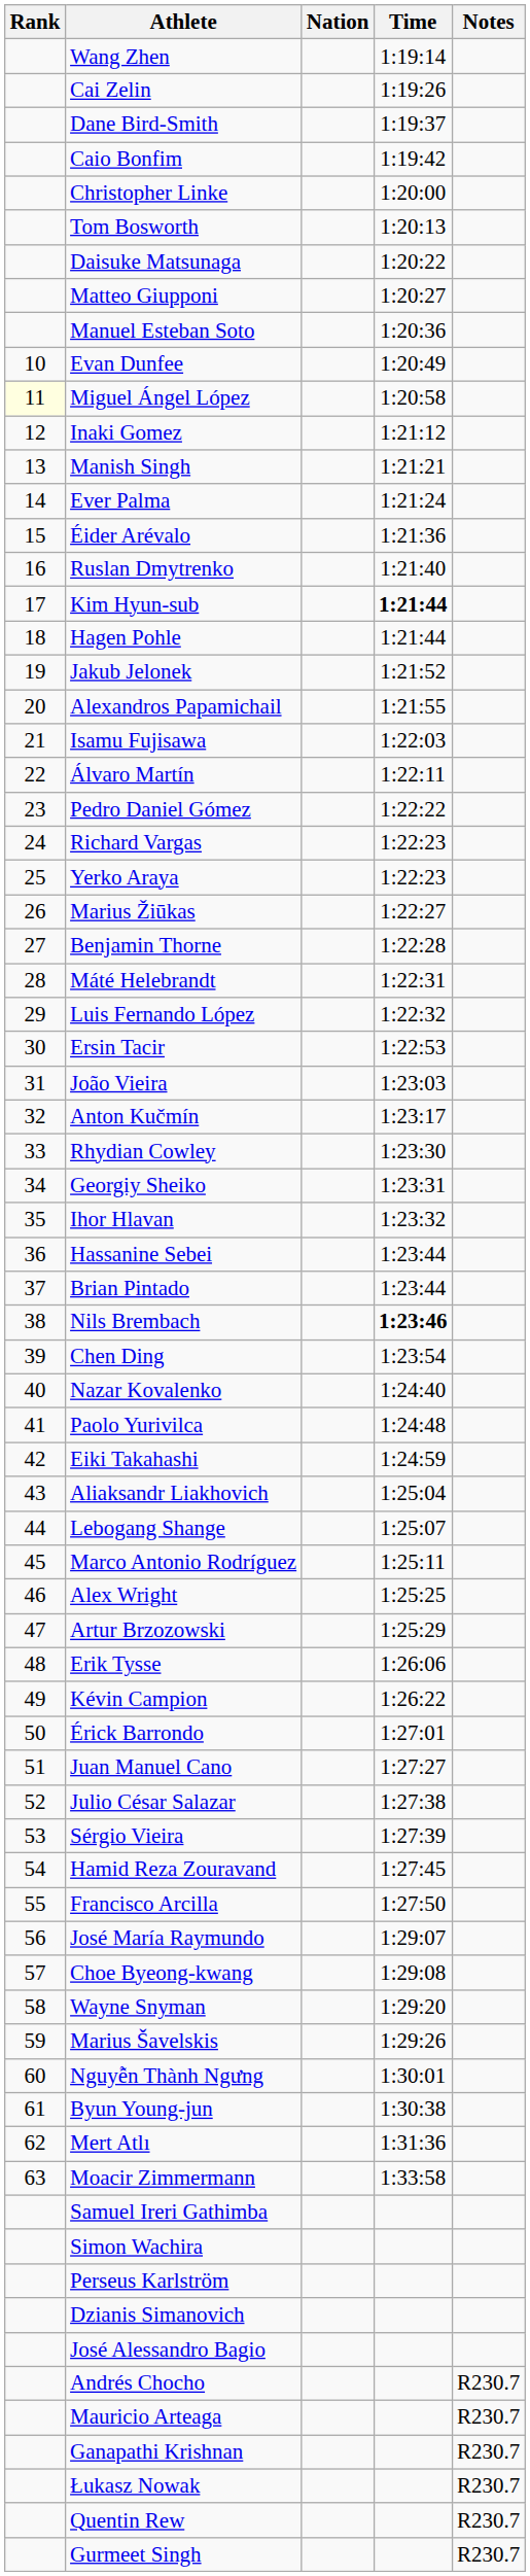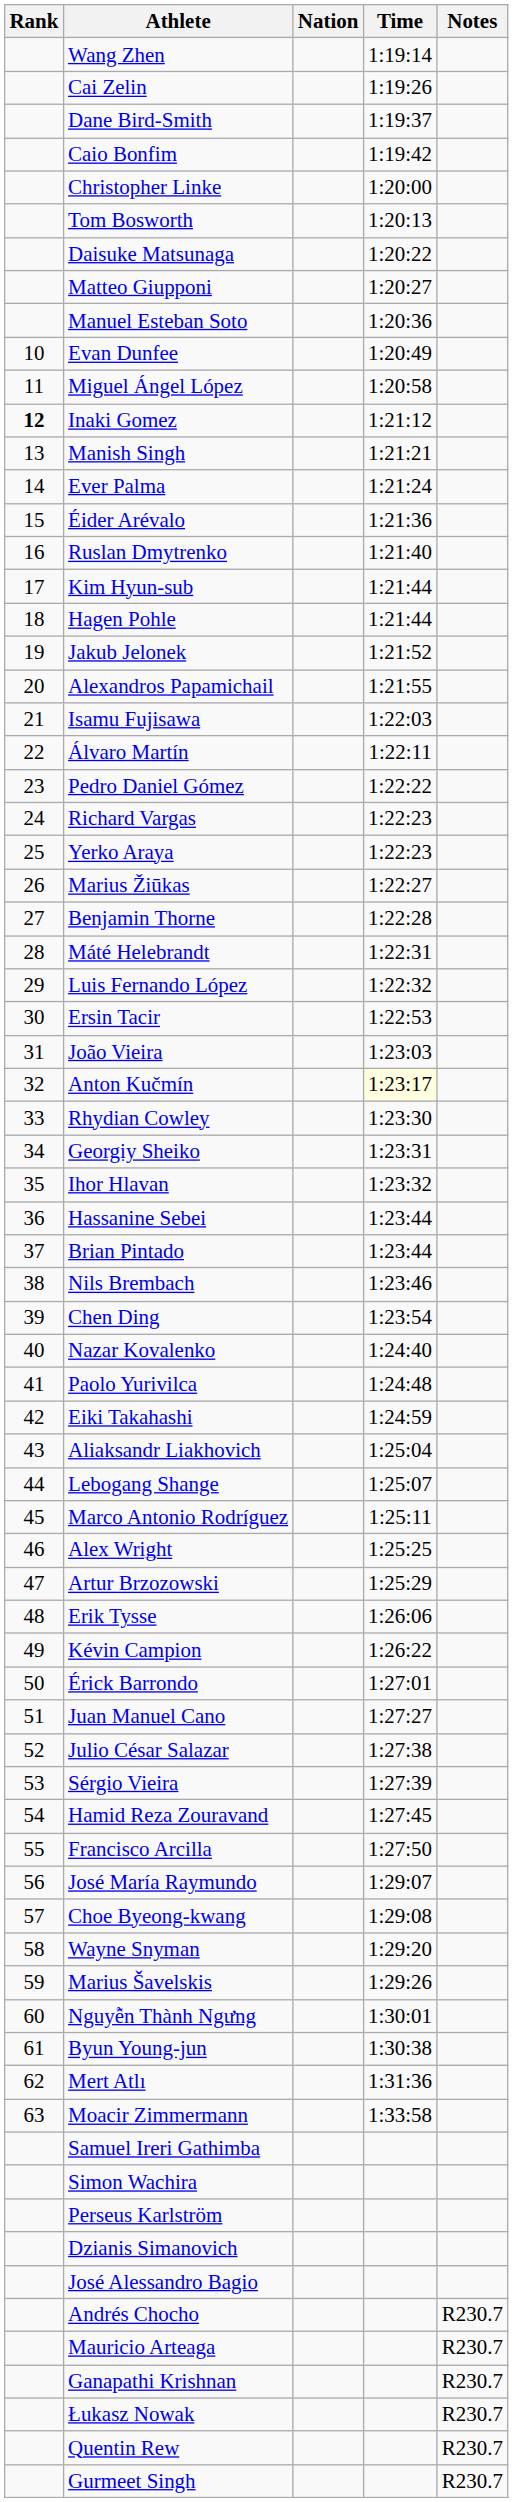 <table class="wikitable sortable" style="text-align:center">
 <tr>
 <th>Rank</th>
 <th>Athlete</th>
 <th>Nation</th>
 <th>Time</th>
 <th>Notes</th>
 </tr>
 <tr>
 <td></td>
 <td align=left><a href='#'>Wang Zhen</a></td>
 <td align=left></td>
 <td>1:19:14</td>
 <td></td>
 </tr>
 <tr>
 <td></td>
 <td align=left><a href='#'>Cai Zelin</a></td>
 <td align=left></td>
 <td>1:19:26</td>
 <td></td>
 </tr>
 <tr>
 <td></td>
 <td align=left><a href='#'>Dane Bird-Smith</a></td>
 <td align=left></td>
 <td>1:19:37</td>
 <td></td>
 </tr>
 <tr>
 <td></td>
 <td align=left><a href='#'>Caio Bonfim</a></td>
 <td align=left></td>
 <td>1:19:42</td>
 <td></td>
 </tr>
 <tr>
 <td></td>
 <td align=left><a href='#'>Christopher Linke</a></td>
 <td align=left></td>
 <td>1:20:00</td>
 <td></td>
 </tr>
 <tr>
 <td></td>
 <td align=left><a href='#'>Tom Bosworth</a></td>
 <td align=left></td>
 <td>1:20:13</td>
 <td></td>
 </tr>
 <tr>
 <td></td>
 <td align=left><a href='#'>Daisuke Matsunaga</a></td>
 <td align=left></td>
 <td>1:20:22</td>
 <td></td>
 </tr>
 <tr>
 <td></td>
 <td align=left><a href='#'>Matteo Giupponi</a></td>
 <td align=left></td>
 <td>1:20:27</td>
 <td></td>
 </tr>
 <tr>
 <td></td>
 <td align=left><a href='#'>Manuel Esteban Soto</a></td>
 <td align=left></td>
 <td>1:20:36</td>
 <td></td>
 </tr>
 <tr>
 <td>10</td>
 <td align=left><a href='#'>Evan Dunfee</a></td>
 <td align=left></td>
 <td>1:20:49</td>
 <td></td>
 </tr>
 <tr>
-<td style="background: lightyellow;">11</td>
+<td>11</td>
 <td align=left><a href='#'>Miguel Ángel López</a></td>
 <td align=left></td>
 <td>1:20:58</td>
 <td></td>
 </tr>
 <tr>
-<td>12</td>
+<td><strong>12</strong></td>
 <td align=left><a href='#'>Inaki Gomez</a></td>
 <td align=left></td>
 <td>1:21:12</td>
 <td></td>
 </tr>
 <tr>
 <td>13</td>
 <td align=left><a href='#'>Manish Singh</a></td>
 <td align=left></td>
 <td>1:21:21</td>
 <td></td>
 </tr>
 <tr>
 <td>14</td>
 <td align=left><a href='#'>Ever Palma</a></td>
 <td align=left></td>
 <td>1:21:24</td>
 <td></td>
 </tr>
 <tr>
 <td>15</td>
 <td align=left><a href='#'>Éider Arévalo</a></td>
 <td align=left></td>
 <td>1:21:36</td>
 <td></td>
 </tr>
 <tr>
 <td>16</td>
 <td align=left><a href='#'>Ruslan Dmytrenko</a></td>
 <td align=left></td>
 <td>1:21:40</td>
 <td></td>
 </tr>
 <tr>
 <td>17</td>
 <td align=left><a href='#'>Kim Hyun-sub</a></td>
 <td align=left></td>
-<td><strong>1:21:44</strong></td>
+<td>1:21:44</td>
 <td></td>
 </tr>
 <tr>
 <td>18</td>
 <td align=left><a href='#'>Hagen Pohle</a></td>
 <td align=left></td>
 <td>1:21:44</td>
 <td></td>
 </tr>
 <tr>
 <td>19</td>
 <td align=left><a href='#'>Jakub Jelonek</a></td>
 <td align=left></td>
 <td>1:21:52</td>
 <td></td>
 </tr>
 <tr>
 <td>20</td>
 <td align=left><a href='#'>Alexandros Papamichail</a></td>
 <td align=left></td>
 <td>1:21:55</td>
 <td></td>
 </tr>
 <tr>
 <td>21</td>
 <td align=left><a href='#'>Isamu Fujisawa</a></td>
 <td align=left></td>
 <td>1:22:03</td>
 <td></td>
 </tr>
 <tr>
 <td>22</td>
 <td align=left><a href='#'>Álvaro Martín</a></td>
 <td align=left></td>
 <td>1:22:11</td>
 <td></td>
 </tr>
 <tr>
 <td>23</td>
 <td align=left><a href='#'>Pedro Daniel Gómez</a></td>
 <td align=left></td>
 <td>1:22:22</td>
 <td></td>
 </tr>
 <tr>
 <td>24</td>
 <td align=left><a href='#'>Richard Vargas</a></td>
 <td align=left></td>
 <td>1:22:23</td>
 <td></td>
 </tr>
 <tr>
 <td>25</td>
 <td align=left><a href='#'>Yerko Araya</a></td>
 <td align=left></td>
 <td>1:22:23</td>
 <td></td>
 </tr>
 <tr>
 <td>26</td>
 <td align=left><a href='#'>Marius Žiūkas</a></td>
 <td align=left></td>
 <td>1:22:27</td>
 <td></td>
 </tr>
 <tr>
 <td>27</td>
 <td align=left><a href='#'>Benjamin Thorne</a></td>
 <td align=left></td>
 <td>1:22:28</td>
 <td></td>
 </tr>
 <tr>
 <td>28</td>
 <td align=left><a href='#'>Máté Helebrandt</a></td>
 <td align=left></td>
 <td>1:22:31</td>
 <td></td>
 </tr>
 <tr>
 <td>29</td>
 <td align=left><a href='#'>Luis Fernando López</a></td>
 <td align=left></td>
 <td>1:22:32</td>
 <td></td>
 </tr>
 <tr>
 <td>30</td>
 <td align=left><a href='#'>Ersin Tacir</a></td>
 <td align=left></td>
 <td>1:22:53</td>
 <td></td>
 </tr>
 <tr>
 <td>31</td>
 <td align=left><a href='#'>João Vieira</a></td>
 <td align=left></td>
 <td>1:23:03</td>
 <td></td>
 </tr>
 <tr>
 <td>32</td>
 <td align=left><a href='#'>Anton Kučmín</a></td>
 <td align=left></td>
-<td>1:23:17</td>
+<td style="background: lightyellow;">1:23:17</td>
 <td></td>
 </tr>
 <tr>
 <td>33</td>
 <td align=left><a href='#'>Rhydian Cowley</a></td>
 <td align=left></td>
 <td>1:23:30</td>
 <td></td>
 </tr>
 <tr>
 <td>34</td>
 <td align=left><a href='#'>Georgiy Sheiko</a></td>
 <td align=left></td>
 <td>1:23:31</td>
 <td></td>
 </tr>
 <tr>
 <td>35</td>
 <td align=left><a href='#'>Ihor Hlavan</a></td>
 <td align=left></td>
 <td>1:23:32</td>
 <td></td>
 </tr>
 <tr>
 <td>36</td>
 <td align=left><a href='#'>Hassanine Sebei</a></td>
 <td align=left></td>
 <td>1:23:44</td>
 <td></td>
 </tr>
 <tr>
 <td>37</td>
 <td align=left><a href='#'>Brian Pintado</a></td>
 <td align=left></td>
 <td>1:23:44</td>
 <td></td>
 </tr>
 <tr>
 <td>38</td>
 <td align=left><a href='#'>Nils Brembach</a></td>
 <td align=left></td>
-<td><strong>1:23:46</strong></td>
+<td>1:23:46</td>
 <td></td>
 </tr>
 <tr>
 <td>39</td>
 <td align=left><a href='#'>Chen Ding</a></td>
 <td align=left></td>
 <td>1:23:54</td>
 <td></td>
 </tr>
 <tr>
 <td>40</td>
 <td align=left><a href='#'>Nazar Kovalenko</a></td>
 <td align=left></td>
 <td>1:24:40</td>
 <td></td>
 </tr>
 <tr>
 <td>41</td>
 <td align=left><a href='#'>Paolo Yurivilca</a></td>
 <td align=left></td>
 <td>1:24:48</td>
 <td></td>
 </tr>
 <tr>
 <td>42</td>
 <td align=left><a href='#'>Eiki Takahashi</a></td>
 <td align=left></td>
 <td>1:24:59</td>
 <td></td>
 </tr>
 <tr>
 <td>43</td>
 <td align=left><a href='#'>Aliaksandr Liakhovich</a></td>
 <td align=left></td>
 <td>1:25:04</td>
 <td></td>
 </tr>
 <tr>
 <td>44</td>
 <td align=left><a href='#'>Lebogang Shange</a></td>
 <td align=left></td>
 <td>1:25:07</td>
 <td></td>
 </tr>
 <tr>
 <td>45</td>
 <td align=left><a href='#'>Marco Antonio Rodríguez</a></td>
 <td align=left></td>
 <td>1:25:11</td>
 <td></td>
 </tr>
 <tr>
 <td>46</td>
 <td align=left><a href='#'>Alex Wright</a></td>
 <td align=left></td>
 <td>1:25:25</td>
 <td></td>
 </tr>
 <tr>
 <td>47</td>
 <td align=left><a href='#'>Artur Brzozowski</a></td>
 <td align=left></td>
 <td>1:25:29</td>
 <td></td>
 </tr>
 <tr>
 <td>48</td>
 <td align=left><a href='#'>Erik Tysse</a></td>
 <td align=left></td>
 <td>1:26:06</td>
 <td></td>
 </tr>
 <tr>
 <td>49</td>
 <td align=left><a href='#'>Kévin Campion</a></td>
 <td align=left></td>
 <td>1:26:22</td>
 <td></td>
 </tr>
 <tr>
 <td>50</td>
 <td align=left><a href='#'>Érick Barrondo</a></td>
 <td align=left></td>
 <td>1:27:01</td>
 <td></td>
 </tr>
 <tr>
 <td>51</td>
 <td align=left><a href='#'>Juan Manuel Cano</a></td>
 <td align=left></td>
 <td>1:27:27</td>
 <td></td>
 </tr>
 <tr>
 <td>52</td>
 <td align=left><a href='#'>Julio César Salazar</a></td>
 <td align=left></td>
 <td>1:27:38</td>
 <td></td>
 </tr>
 <tr>
 <td>53</td>
 <td align=left><a href='#'>Sérgio Vieira</a></td>
 <td align=left></td>
 <td>1:27:39</td>
 <td></td>
 </tr>
 <tr>
 <td>54</td>
 <td align=left><a href='#'>Hamid Reza Zouravand</a></td>
 <td align=left></td>
 <td>1:27:45</td>
 <td></td>
 </tr>
 <tr>
 <td>55</td>
 <td align=left><a href='#'>Francisco Arcilla</a></td>
 <td align=left></td>
 <td>1:27:50</td>
 <td></td>
 </tr>
 <tr>
 <td>56</td>
 <td align=left><a href='#'>José María Raymundo</a></td>
 <td align=left></td>
 <td>1:29:07</td>
 <td></td>
 </tr>
 <tr>
 <td>57</td>
 <td align=left><a href='#'>Choe Byeong-kwang</a></td>
 <td align=left></td>
 <td>1:29:08</td>
 <td></td>
 </tr>
 <tr>
 <td>58</td>
 <td align=left><a href='#'>Wayne Snyman</a></td>
 <td align=left></td>
 <td>1:29:20</td>
 <td></td>
 </tr>
 <tr>
 <td>59</td>
 <td align=left><a href='#'>Marius Šavelskis</a></td>
 <td align=left></td>
 <td>1:29:26</td>
 <td></td>
 </tr>
 <tr>
 <td>60</td>
 <td align=left><a href='#'>Nguyễn Thành Ngưng</a></td>
 <td align=left></td>
 <td>1:30:01</td>
 <td></td>
 </tr>
 <tr>
 <td>61</td>
 <td align=left><a href='#'>Byun Young-jun</a></td>
 <td align=left></td>
 <td>1:30:38</td>
 <td></td>
 </tr>
 <tr>
 <td>62</td>
 <td align=left><a href='#'>Mert Atlı</a></td>
 <td align=left></td>
 <td>1:31:36</td>
 <td></td>
 </tr>
 <tr>
 <td>63</td>
 <td align=left><a href='#'>Moacir Zimmermann</a></td>
 <td align=left></td>
 <td>1:33:58</td>
 <td></td>
 </tr>
 <tr>
 <td></td>
 <td align=left><a href='#'>Samuel Ireri Gathimba</a></td>
 <td align=left></td>
 <td></td>
 <td></td>
 </tr>
 <tr>
 <td></td>
 <td align=left><a href='#'>Simon Wachira</a></td>
 <td align=left></td>
 <td></td>
 <td></td>
 </tr>
 <tr>
 <td></td>
 <td align=left><a href='#'>Perseus Karlström</a></td>
 <td align=left></td>
 <td></td>
 <td></td>
 </tr>
 <tr>
 <td></td>
 <td align=left><a href='#'>Dzianis Simanovich</a></td>
 <td align=left></td>
 <td></td>
 <td></td>
 </tr>
 <tr>
 <td></td>
 <td align=left><a href='#'>José Alessandro Bagio</a></td>
 <td align=left></td>
 <td></td>
 <td></td>
 </tr>
 <tr>
 <td></td>
 <td align=left><a href='#'>Andrés Chocho</a></td>
 <td align=left></td>
 <td></td>
 <td>R230.7</td>
 </tr>
 <tr>
 <td></td>
 <td align=left><a href='#'>Mauricio Arteaga</a></td>
 <td align=left></td>
 <td></td>
 <td>R230.7</td>
 </tr>
 <tr>
 <td></td>
 <td align=left><a href='#'>Ganapathi Krishnan</a></td>
 <td align=left></td>
 <td></td>
 <td>R230.7</td>
 </tr>
 <tr>
 <td></td>
 <td align=left><a href='#'>Łukasz Nowak</a></td>
 <td align=left></td>
 <td></td>
 <td>R230.7</td>
 </tr>
 <tr>
 <td></td>
 <td align=left><a href='#'>Quentin Rew</a></td>
 <td align=left></td>
 <td></td>
 <td>R230.7</td>
 </tr>
 <tr>
 <td></td>
 <td align=left><a href='#'>Gurmeet Singh</a></td>
 <td align=left></td>
 <td></td>
 <td>R230.7</td>
 </tr>
 <tr>
 </tr>
 </table>
